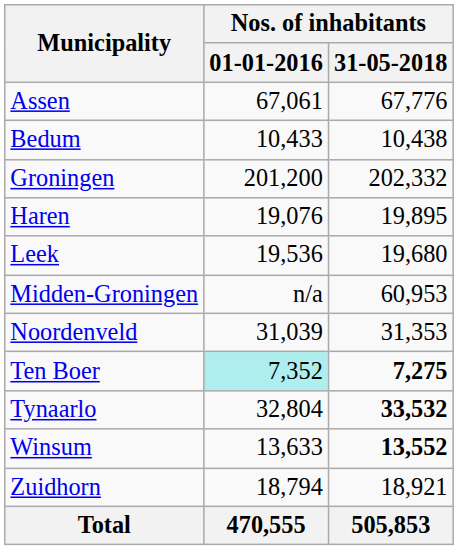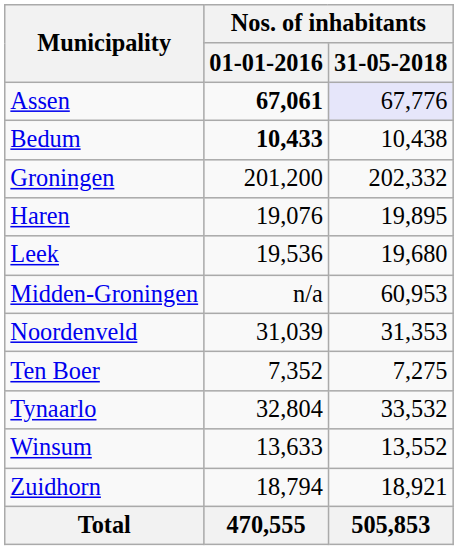 <table class="wikitable sortable" style="text-align:right">
 <tr>
 <th rowspan=2>Municipality</th>
 <th colspan=2>Nos. of inhabitants</th>
 </tr>
 <tr>
 <th>01-01-2016</th>
 <th>31-05-2018</th>
 </tr>
 <tr>
 <td style="text-align:left"><a href='#'>Assen</a></td>
-<td>67,061</td>
-<td>67,776</td>
+<td><strong>67,061</strong></td>
+<td style="background: lavender;">67,776</td>
 </tr>
 <tr>
 <td style="text-align:left"><a href='#'>Bedum</a></td>
-<td>10,433</td>
+<td><strong>10,433</strong></td>
 <td>10,438</td>
 </tr>
 <tr>
 <td style="text-align:left"><a href='#'>Groningen</a></td>
 <td>201,200</td>
 <td>202,332</td>
 </tr>
 <tr>
 <td style="text-align:left"><a href='#'>Haren</a></td>
 <td>19,076</td>
 <td>19,895</td>
 </tr>
 <tr>
 <td style="text-align:left"><a href='#'>Leek</a></td>
 <td>19,536</td>
 <td>19,680</td>
 </tr>
 <tr>
 <td style="text-align:left"><a href='#'>Midden-Groningen</a></td>
 <td>n/a</td>
 <td>60,953</td>
 </tr>
 <tr>
 <td style="text-align:left"><a href='#'>Noordenveld</a></td>
 <td>31,039</td>
 <td>31,353</td>
 </tr>
 <tr>
 <td style="text-align:left"><a href='#'>Ten Boer</a></td>
-<td style="background: paleturquoise;">7,352</td>
-<td><strong>7,275</strong></td>
+<td>7,352</td>
+<td>7,275</td>
 </tr>
 <tr>
 <td style="text-align:left"><a href='#'>Tynaarlo</a></td>
 <td>32,804</td>
-<td><strong>33,532</strong></td>
+<td>33,532</td>
 </tr>
 <tr>
 <td style="text-align:left"><a href='#'>Winsum</a></td>
 <td>13,633</td>
-<td><strong>13,552</strong></td>
+<td>13,552</td>
 </tr>
 <tr>
 <td style="text-align:left"><a href='#'>Zuidhorn</a></td>
 <td>18,794</td>
 <td>18,921</td>
 </tr>
 <tr>
 <th>Total</th>
 <th>470,555</th>
 <th>505,853</th>
 </tr>
 </table>
